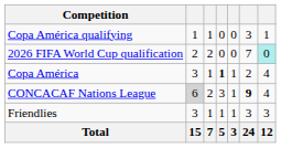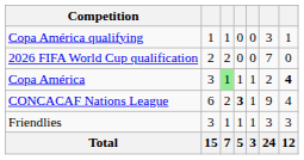 <table class="wikitable">
 <tr>
 <th>Competition</th>
 <th></th>
 <th></th>
 <th></th>
 <th></th>
 <th></th>
 <th></th>
 </tr>
 <tr align=center>
 <td align=left><a href='#'>Copa América qualifying</a></td>
 <td>1</td>
 <td>1</td>
 <td>0</td>
 <td>0</td>
 <td>3</td>
 <td>1</td>
 </tr>
 <tr align=center>
 <td align=left><a href='#'>2026 FIFA World Cup qualification</a></td>
 <td>2</td>
 <td>2</td>
 <td>0</td>
 <td>0</td>
 <td>7</td>
-<td style="background: paleturquoise;">0</td>
+<td>0</td>
 </tr>
 <tr align=center>
 <td align=left><a href='#'>Copa América</a></td>
 <td>3</td>
+<td style="background: lightgreen;">1</td>
 <td>1</td>
-<td><strong>1</strong></td>
 <td>1</td>
 <td>2</td>
-<td>4</td>
+<td><strong>4</strong></td>
 </tr>
 <tr align=center>
 <td align=left><a href='#'>CONCACAF Nations League</a></td>
-<td style="background: lightgrey;">6</td>
+<td>6</td>
 <td>2</td>
-<td>3</td>
+<td><strong>3</strong></td>
 <td>1</td>
-<td><strong>9</strong></td>
+<td>9</td>
 <td>4</td>
 </tr>
 <tr align=center>
 <td align=left>Friendlies</td>
 <td>3</td>
 <td>1</td>
 <td>1</td>
 <td>1</td>
 <td>3</td>
 <td>3</td>
 </tr>
 <tr>
 <th align=left>Total</th>
 <th>15</th>
 <th>7</th>
 <th>5</th>
 <th>3</th>
 <th>24</th>
 <th>12</th>
 </tr>
 </table>
